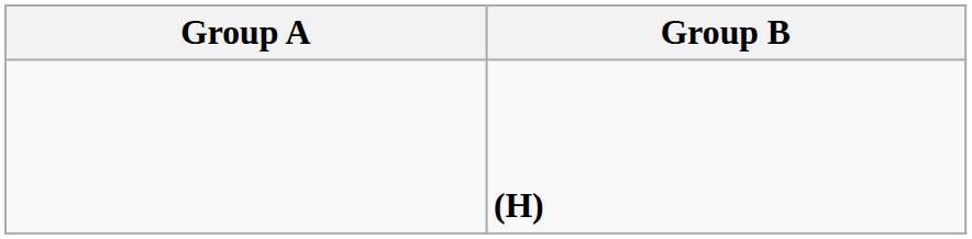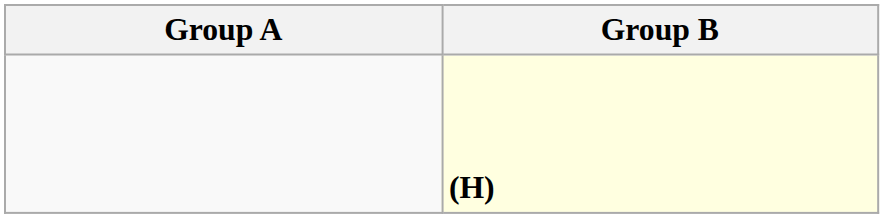 <table class=wikitable width=50%>
 <tr>
 <th width=25%>Group A</th>
 <th width=25%>Group B</th>
 </tr>
 <tr>
 <td><br><br><br><br></td>
-<td><br><br><br>  <strong>(H)</strong><br></td>
+<td style="background: lightyellow;"><br><br><br>  <strong>(H)</strong><br></td>
 </tr>
 </table>
